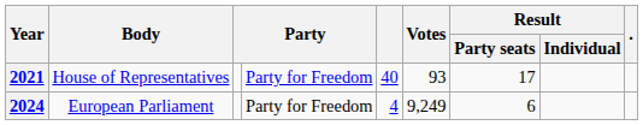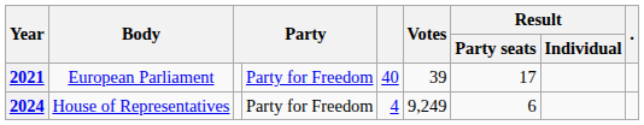 <table class="wikitable plainrowheaders sortable" border=2 cellpadding=4 cellspacing=0 style="border: 1px #aaa solid; font-size: 90%; text-align:center;">
 <tr>
 <th scope="col" rowspan=2>Year</th>
 <th scope="col" rowspan=2>Body</th>
 <th scope="col" colspan=2 rowspan=2>Party</th>
 <th scope="col" rowspan=2></th>
 <th scope="col" rowspan=2>Votes</th>
 <th scope="colgroup" colspan=2>Result</th>
 <th scope="col" rowspan=2  class="unsortable">.</th>
 </tr>
 <tr>
 <th scope="col">Party seats</th>
 <th scope="col">Individual</th>
 </tr>
 <tr>
 <th scope="row"><a href='#'>2021</a></th>
-<td><a href='#'>House of Representatives</a></td>
+<td><a href='#'>European Parliament</a></td>
 <td style="background-color:"></td>
 <td><a href='#'>Party for Freedom</a></td>
 <td style=text-align:right><a href='#'>40</a></td>
-<td style=text-align:right>93</td>
+<td style=text-align:right>39</td>
 <td style=text-align:right>17</td>
 <td></td>
 <td></td>
 </tr>
 <tr>
 <th scope="row"><a href='#'>2024</a></th>
-<td><a href='#'>European Parliament</a></td>
+<td><a href='#'>House of Representatives</a></td>
 <td style="background-color:"></td>
 <td>Party for Freedom</td>
 <td style=text-align:right><a href='#'>4</a></td>
 <td style=text-align:right>9,249</td>
 <td style=text-align:right>6</td>
 <td></td>
 <td></td>
 </tr>
 </table>
